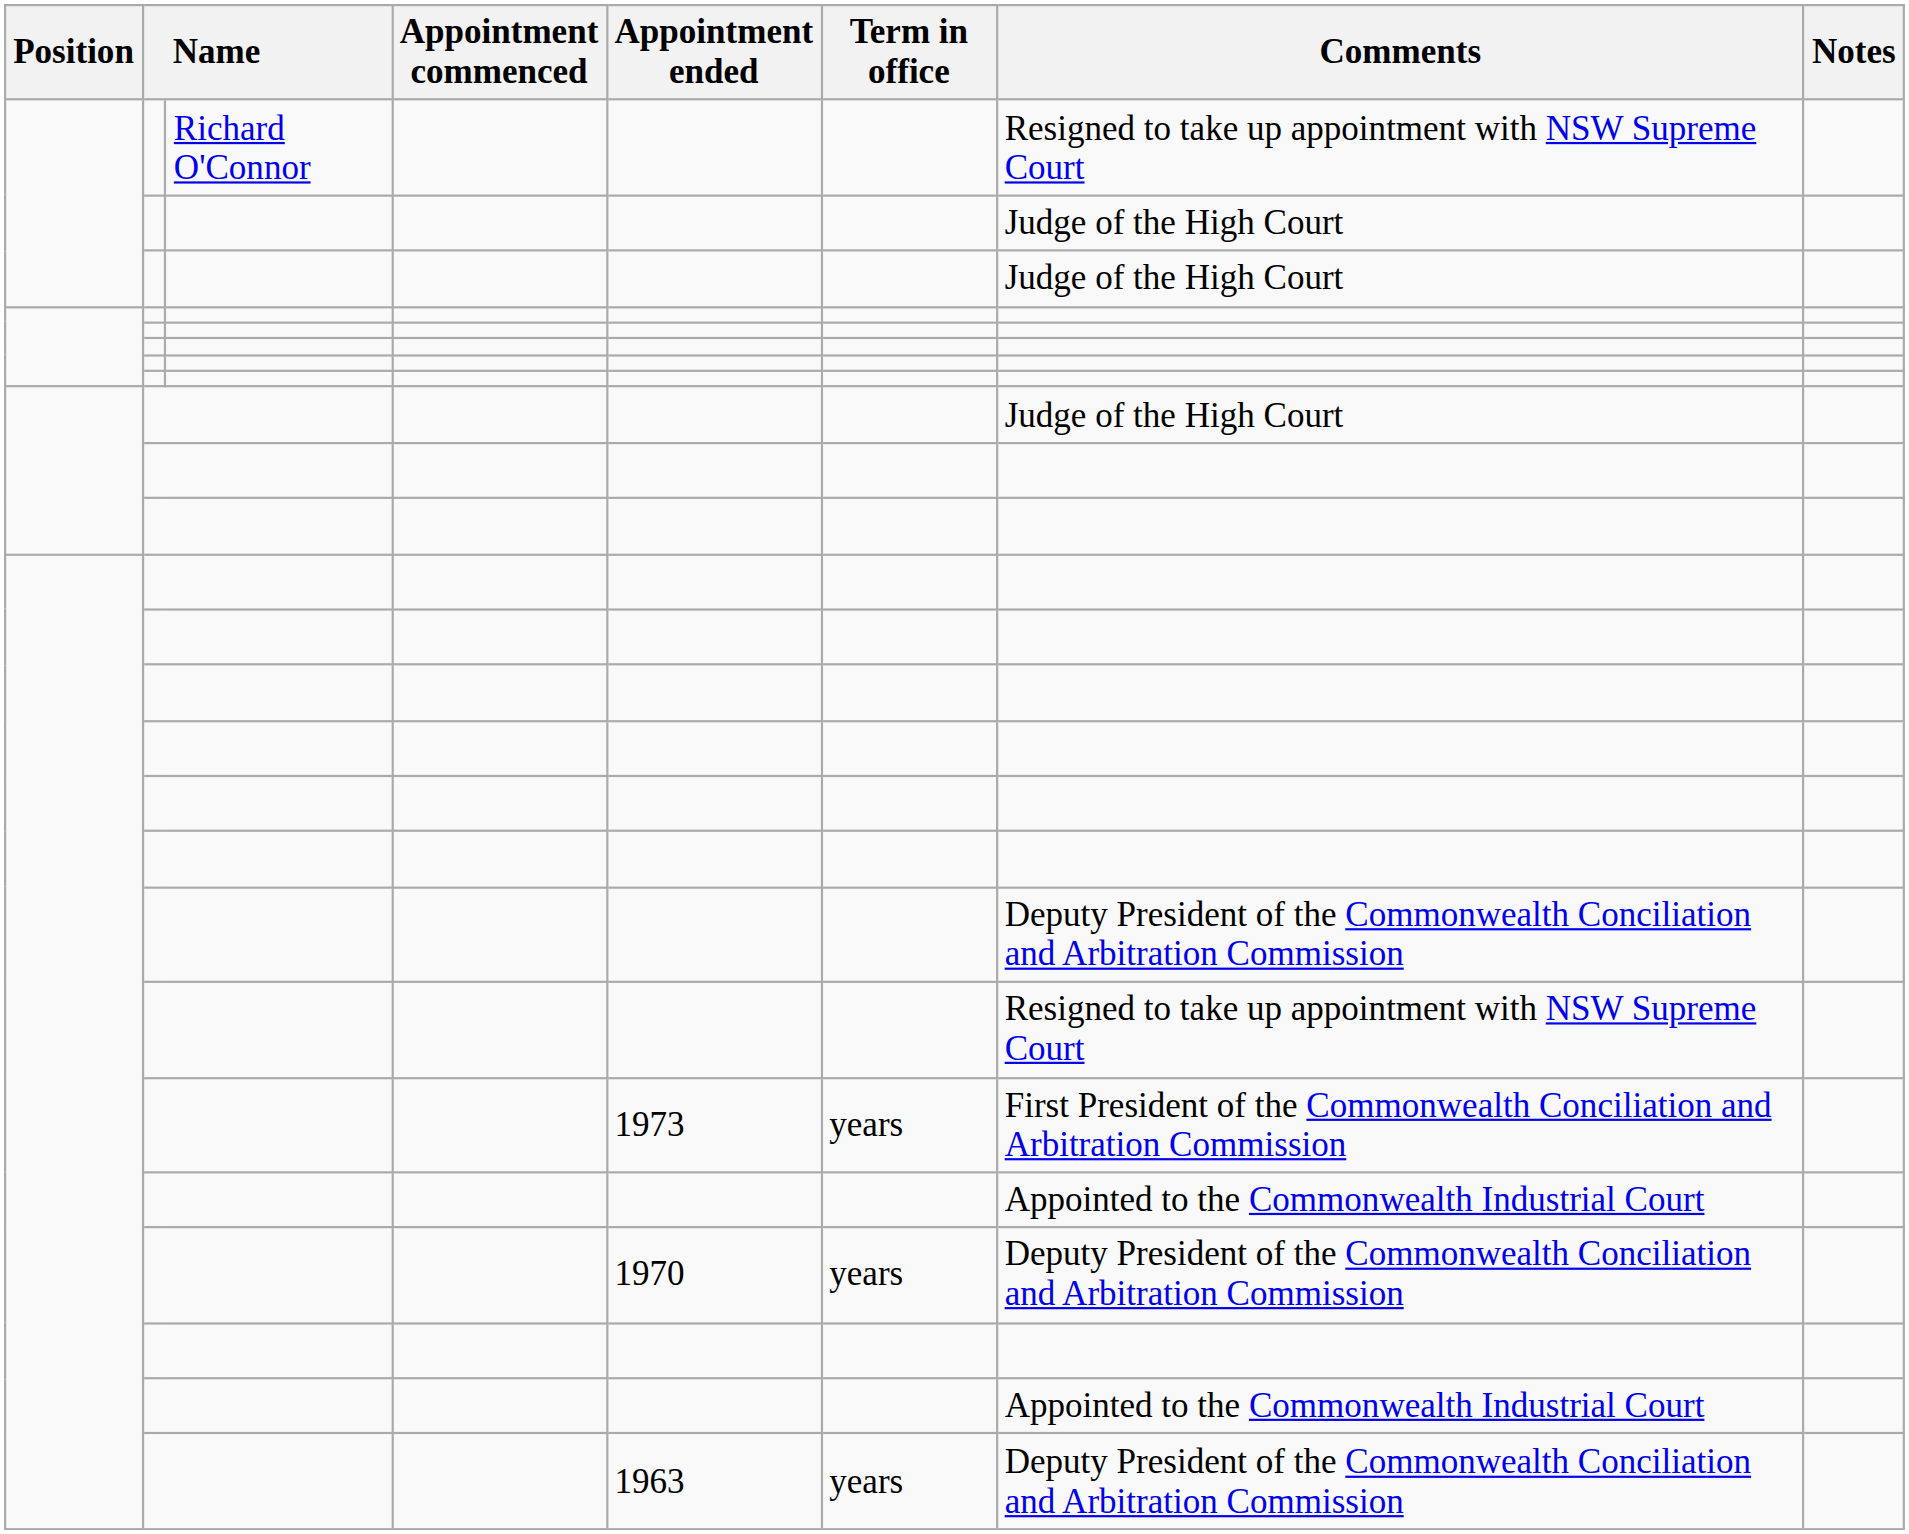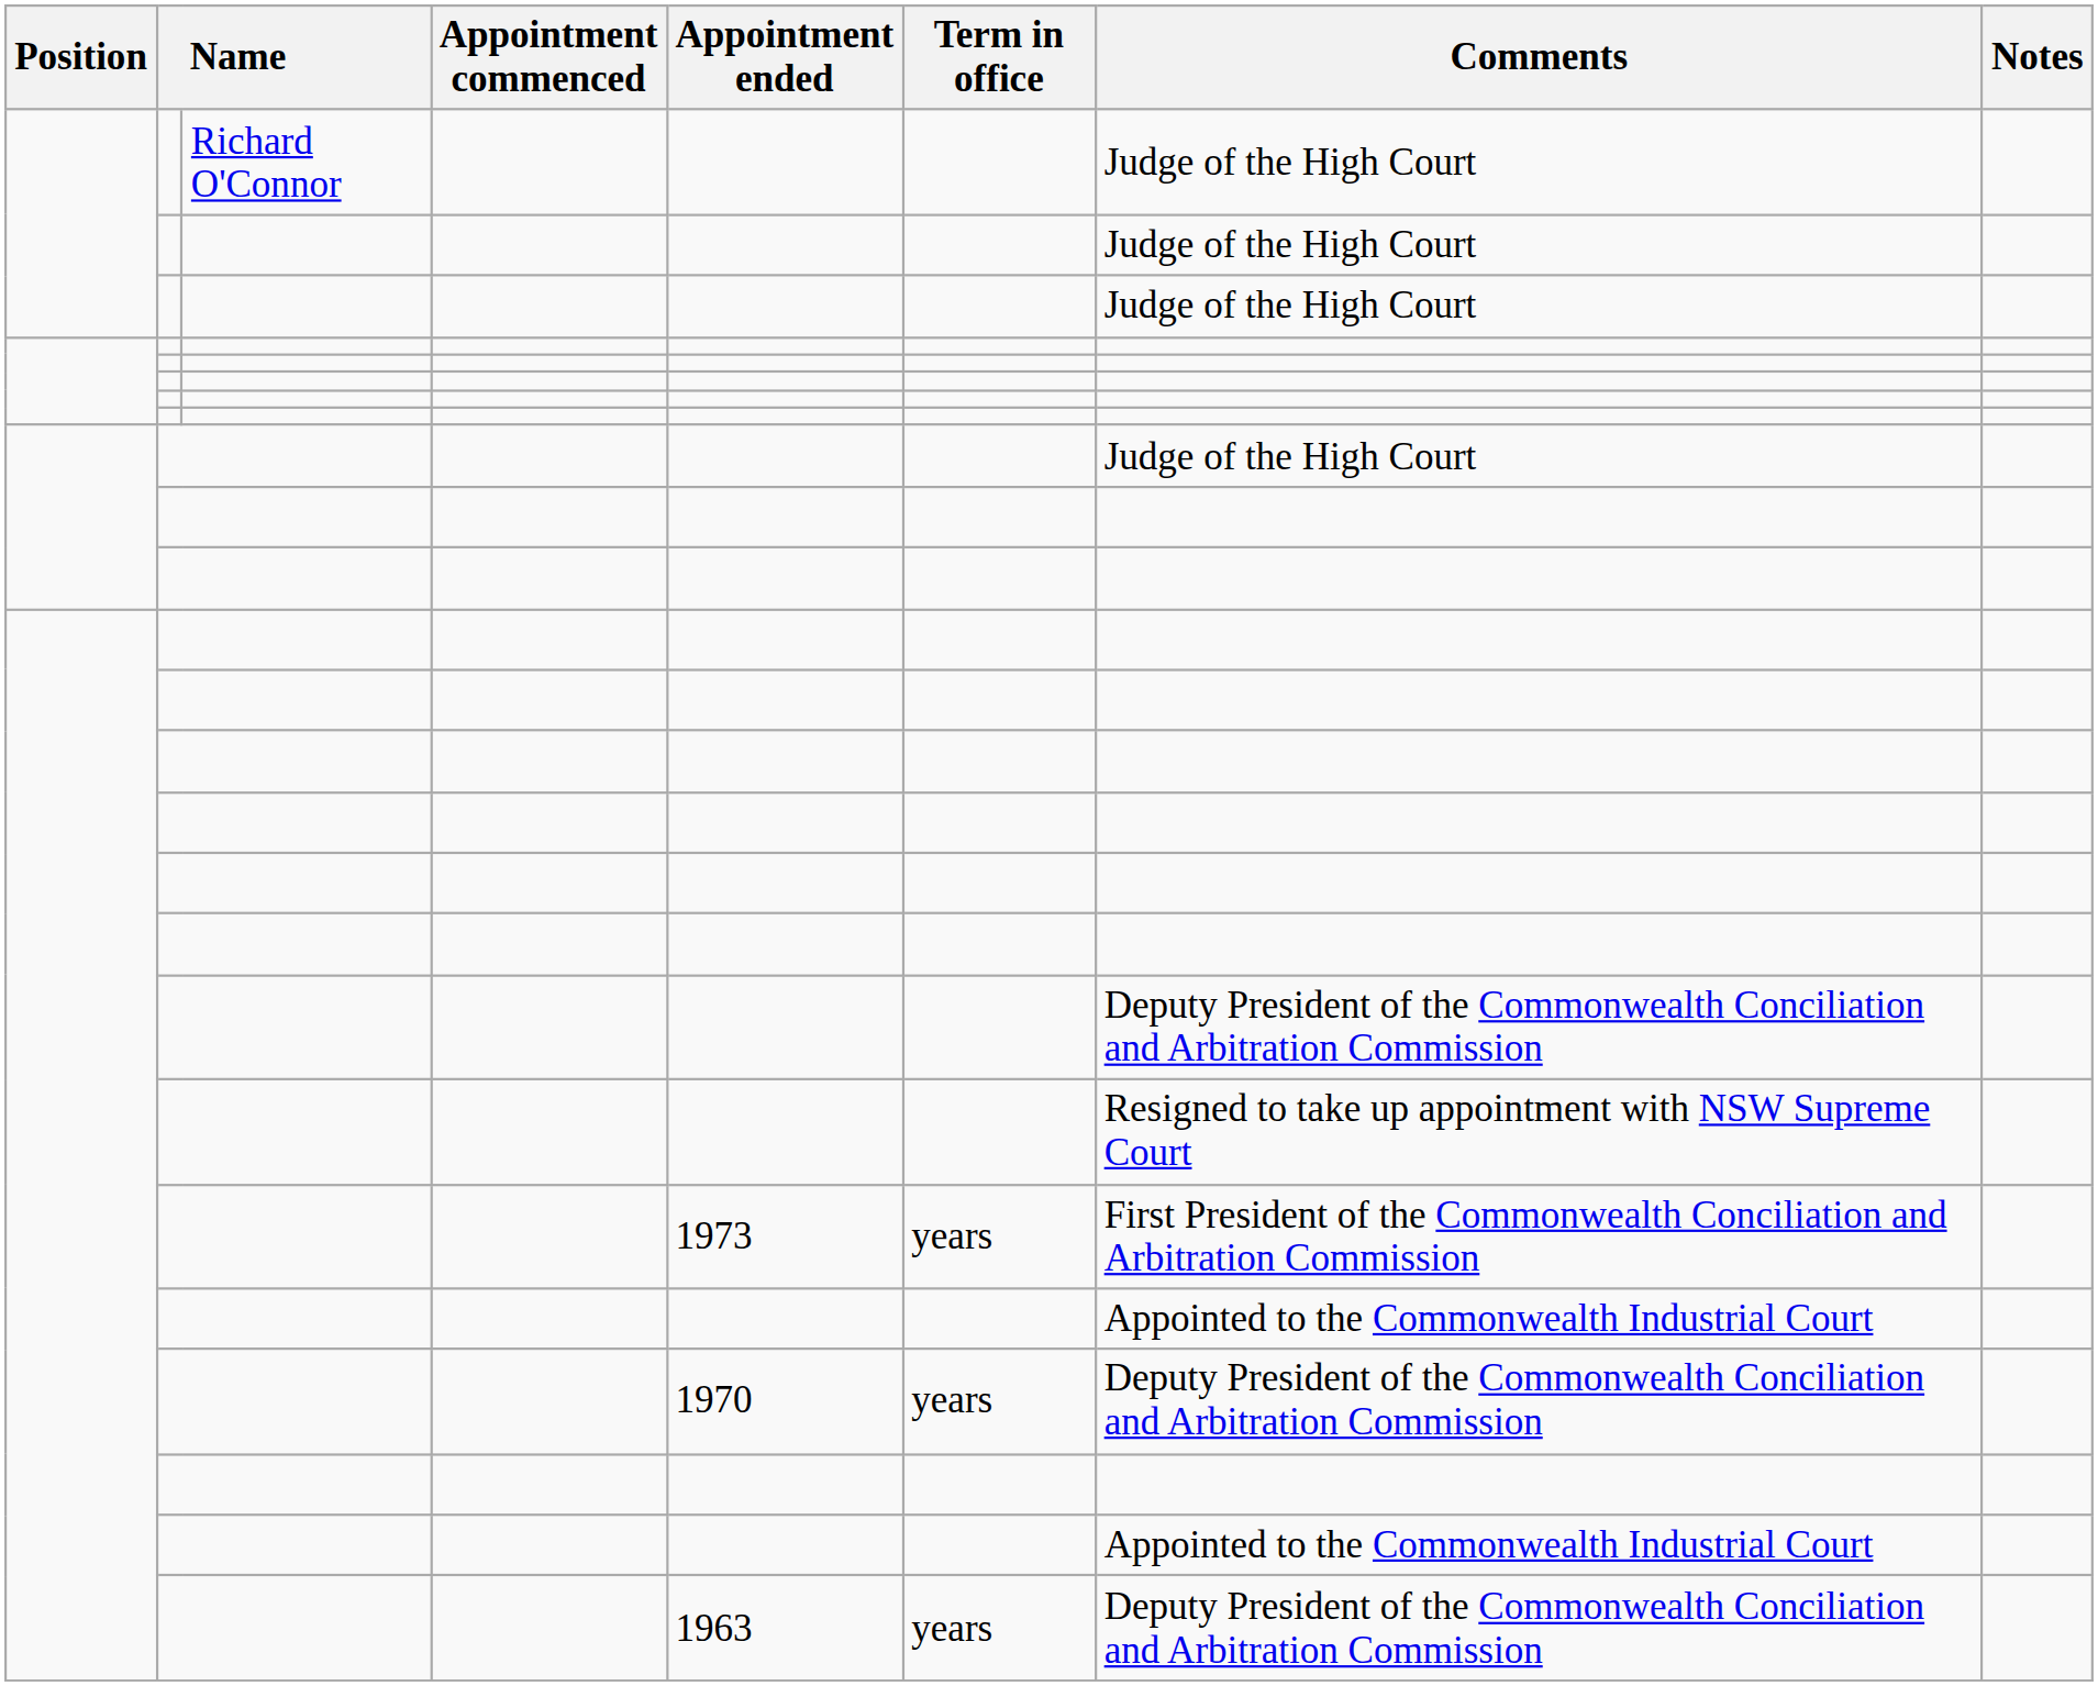 <table class="wikitable sortable" border="1" ||>
 <tr>
 <th>Position</th>
 <th class="unsortable" style='border-style: solid none solid solid;'> </th>
 <th style='text-align: left; border-style: solid solid solid none;'>Name</th>
 <th>Appointment<br>commenced</th>
 <th>Appointment<br>ended</th>
 <th>Term in office</th>
 <th class="unsortable">Comments</th>
 <th class="unsortable">Notes</th>
 </tr>
 <tr>
 <td rowspan=3></td>
 <td></td>
 <td><a href='#'>Richard O'Connor</a></td>
 <td></td>
 <td></td>
 <td></td>
-<td>Resigned to take up appointment with <a href='#'>NSW Supreme Court</a></td>
+<td>Judge of the High Court</td>
 <td></td>
 </tr>
 <tr>
 <td></td>
 <td></td>
 <td></td>
 <td></td>
 <td></td>
 <td>Judge of the High Court</td>
 <td></td>
 </tr>
 <tr>
 <td></td>
 <td></td>
 <td></td>
 <td></td>
 <td></td>
 <td>Judge of the High Court</td>
 <td></td>
 </tr>
 <tr>
 <td rowspan=5></td>
 <td></td>
 <td></td>
 <td></td>
 <td></td>
 <td></td>
 <td></td>
 <td></td>
 </tr>
 <tr>
 <td></td>
 <td></td>
 <td></td>
 <td></td>
 <td></td>
 <td></td>
 <td></td>
 </tr>
 <tr>
 <td></td>
 <td></td>
 <td></td>
 <td></td>
 <td></td>
 <td></td>
 <td></td>
 </tr>
 <tr>
 <td></td>
 <td></td>
 <td></td>
 <td></td>
 <td></td>
 <td></td>
 <td></td>
 </tr>
 <tr>
 <td></td>
 <td></td>
 <td></td>
 <td></td>
 <td></td>
 <td></td>
 <td></td>
 </tr>
 <tr>
 <td rowspan="3"></td>
 <td style='border-style: solid none solid solid;'> </td>
 <td style='border-style: solid solid solid none;'></td>
 <td></td>
 <td></td>
 <td></td>
 <td>Judge of the High Court</td>
 <td></td>
 </tr>
 <tr>
 <td style='border-style: solid none solid solid;'> </td>
 <td style='border-style: solid solid solid none;'></td>
 <td></td>
 <td></td>
 <td></td>
 <td></td>
 <td></td>
 </tr>
 <tr>
 <td style='border-style: solid none solid solid;'> </td>
 <td style='border-style: solid solid solid none;'></td>
 <td></td>
 <td></td>
 <td></td>
 <td></td>
 <td></td>
 </tr>
 <tr>
 <td rowspan="14"></td>
 <td style='border-style: solid none solid solid;'> </td>
 <td style='border-style: solid solid solid none;'></td>
 <td></td>
 <td></td>
 <td></td>
 <td></td>
 <td></td>
 </tr>
 <tr>
 <td style='border-style: solid none solid solid;'> </td>
 <td style='border-style: solid solid solid none;'></td>
 <td></td>
 <td></td>
 <td></td>
 <td></td>
 <td></td>
 </tr>
 <tr>
 <td style='border-style: solid none solid solid;'> </td>
 <td style='border-style: solid solid solid none;'></td>
 <td></td>
 <td></td>
 <td></td>
 <td></td>
 <td></td>
 </tr>
 <tr>
 <td style='border-style: solid none solid solid;'> </td>
 <td style='border-style: solid solid solid none;'></td>
 <td></td>
 <td></td>
 <td></td>
 <td></td>
 <td></td>
 </tr>
 <tr>
 <td style='border-style: solid none solid solid;'> </td>
 <td style='border-style: solid solid solid none;'></td>
 <td></td>
 <td></td>
 <td></td>
 <td></td>
 <td></td>
 </tr>
 <tr>
 <td style='border-style: solid none solid solid;'> </td>
 <td style='border-style: solid solid solid none;'></td>
 <td></td>
 <td></td>
 <td></td>
 <td></td>
 <td></td>
 </tr>
 <tr>
 <td style='border-style: solid none solid solid;'> </td>
 <td style='border-style: solid solid solid none;'></td>
 <td></td>
 <td> </td>
 <td></td>
 <td>Deputy President of the <a href='#'>Commonwealth Conciliation and Arbitration Commission</a></td>
 <td></td>
 </tr>
 <tr>
 <td style='border-style: solid none solid solid;'> </td>
 <td style='border-style: solid solid solid none;'></td>
 <td></td>
 <td></td>
 <td></td>
 <td>Resigned to take up appointment with <a href='#'>NSW Supreme Court</a></td>
 <td></td>
 </tr>
 <tr>
 <td style='border-style: solid none solid solid;'> </td>
 <td style='border-style: solid solid solid none;'></td>
 <td></td>
 <td>1973 </td>
 <td> years</td>
 <td>First President of the <a href='#'>Commonwealth Conciliation and Arbitration Commission</a></td>
 <td></td>
 </tr>
 <tr>
 <td style='border-style: solid none solid solid;'> </td>
 <td style='border-style: solid solid solid none;'></td>
 <td></td>
 <td></td>
 <td></td>
 <td>Appointed to the <a href='#'>Commonwealth Industrial Court</a></td>
 <td></td>
 </tr>
 <tr>
 <td style='border-style: solid none solid solid;'> </td>
 <td style='border-style: solid solid solid none;'></td>
 <td></td>
 <td>1970 </td>
 <td> years</td>
 <td>Deputy President of the <a href='#'>Commonwealth Conciliation and Arbitration Commission</a></td>
 <td></td>
 </tr>
 <tr>
 <td style='border-style: solid none solid solid;'> </td>
 <td style='border-style: solid solid solid none;'></td>
 <td></td>
 <td></td>
 <td></td>
 <td></td>
 <td></td>
 </tr>
 <tr>
 <td style='border-style: solid none solid solid;'> </td>
 <td style='border-style: solid solid solid none;'></td>
 <td></td>
 <td></td>
 <td></td>
 <td>Appointed to the <a href='#'>Commonwealth Industrial Court</a></td>
 <td></td>
 </tr>
 <tr>
 <td style='border-style: solid none solid solid;'> </td>
 <td style='border-style: solid solid solid none;'></td>
 <td></td>
 <td>1963 </td>
 <td> years</td>
 <td>Deputy President of the <a href='#'>Commonwealth Conciliation and Arbitration Commission</a></td>
 <td></td>
 </tr>
 <tr>
 </tr>
 </table>
